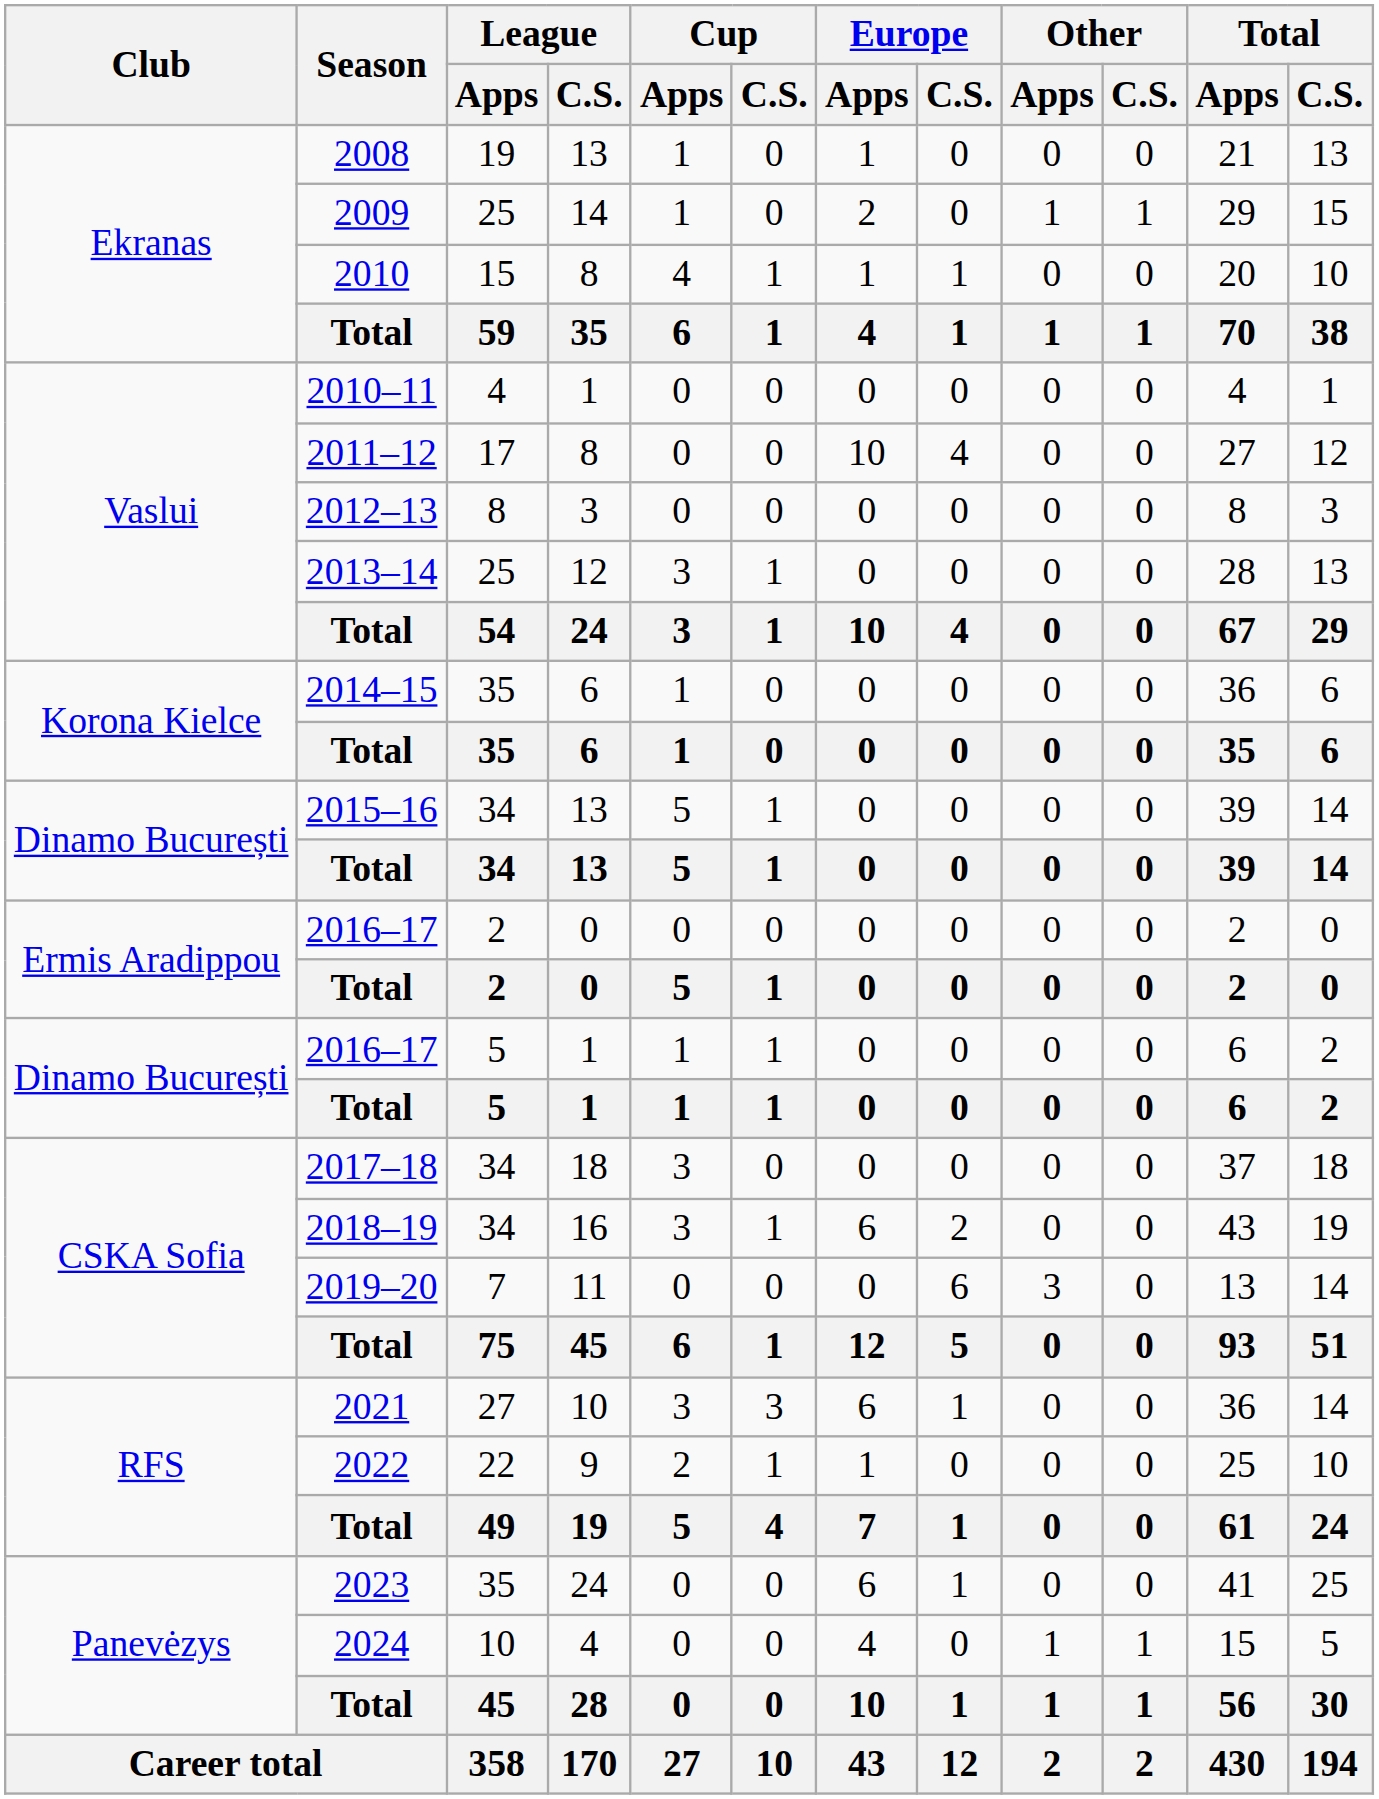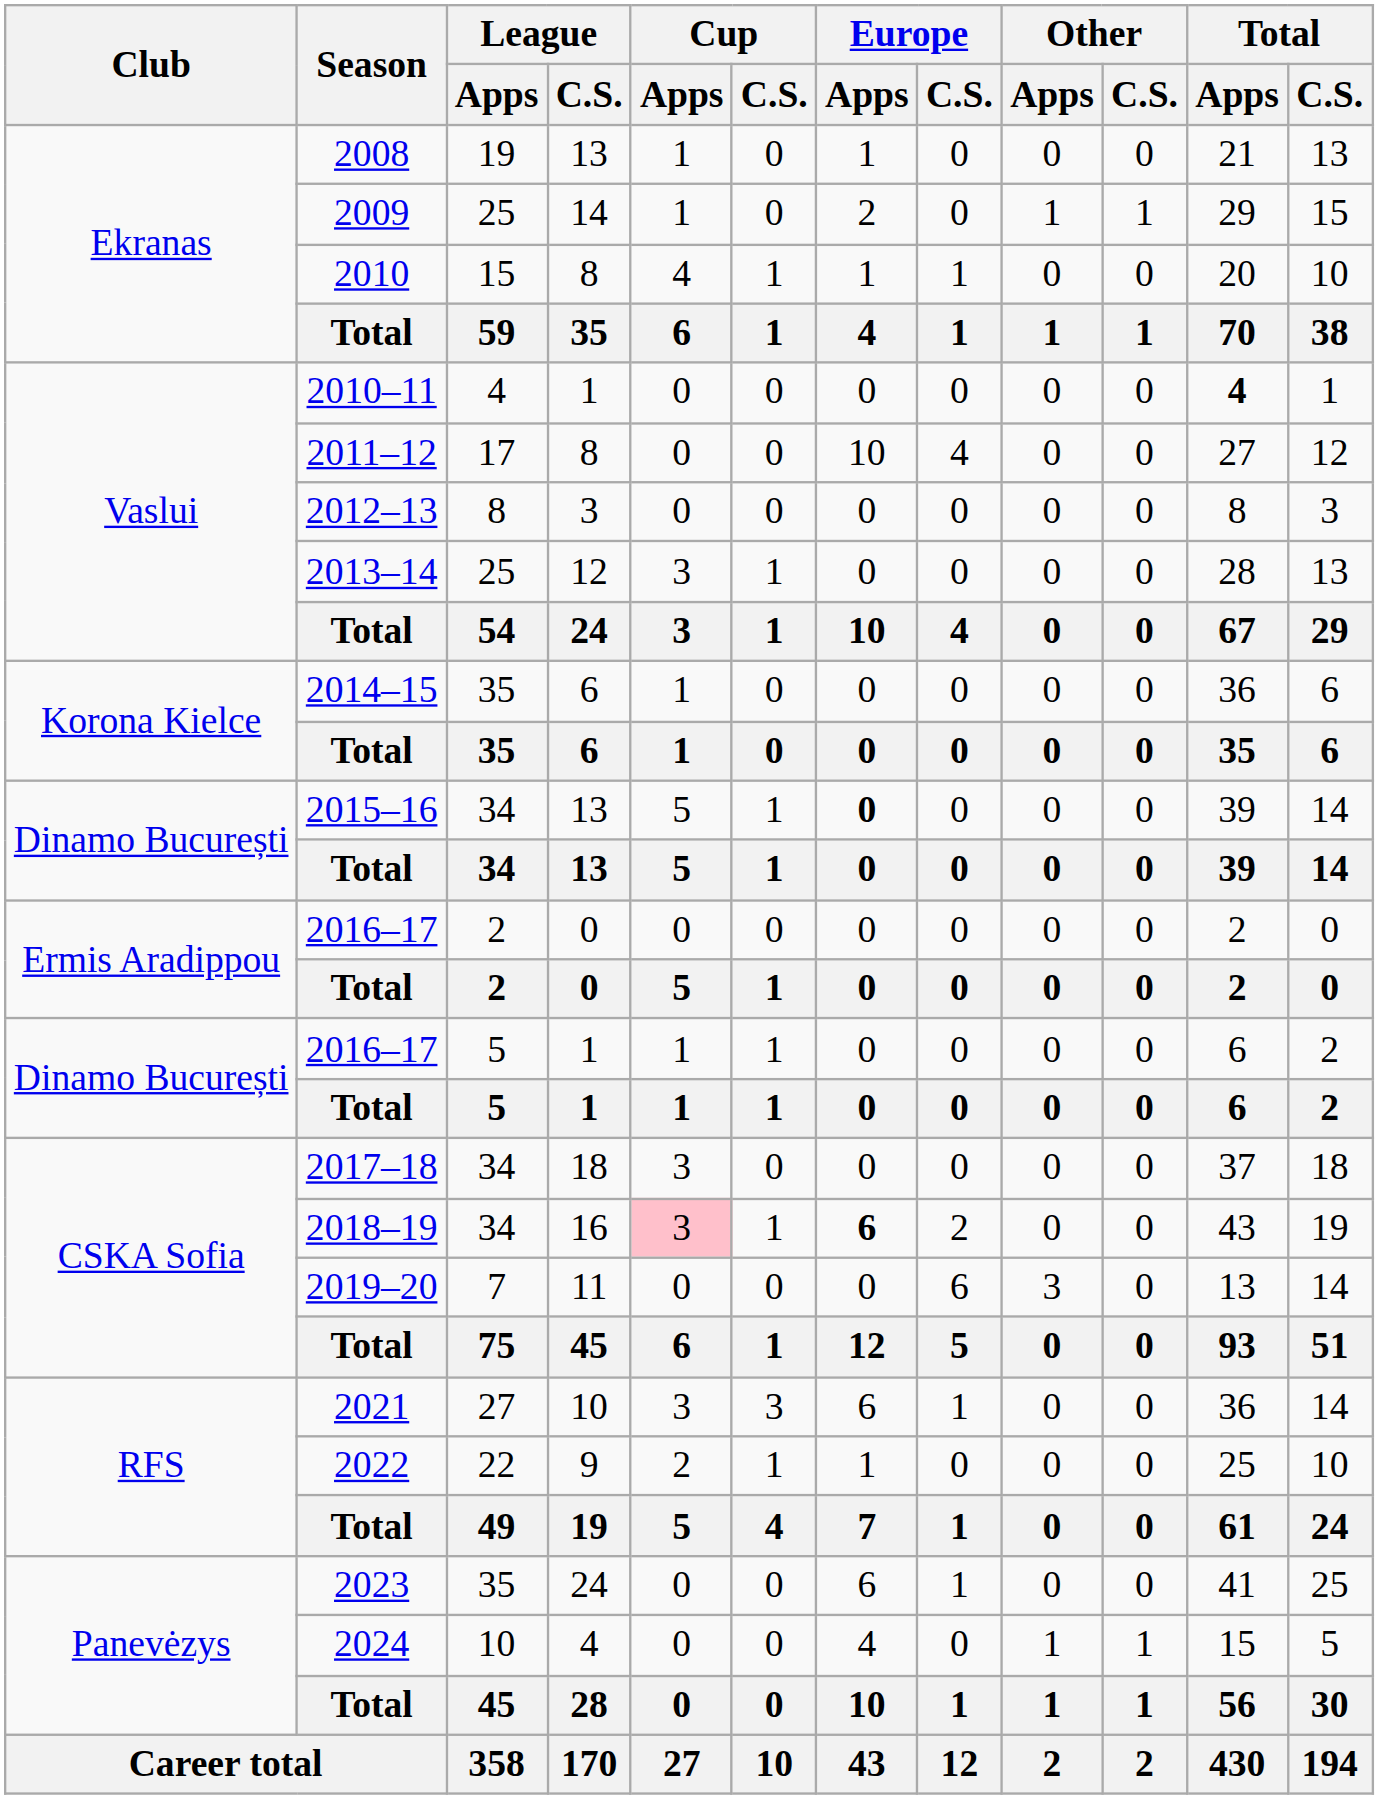 <table class="wikitable" style="text-align: center;">
 <tr>
 <th rowspan="2">Club</th>
 <th rowspan="2">Season</th>
 <th colspan="2">League</th>
 <th colspan="2">Cup</th>
 <th colspan="2"><a href='#'>Europe</a></th>
 <th colspan="2">Other</th>
 <th colspan="2">Total</th>
 </tr>
 <tr>
 <th>Apps</th>
 <th>C.S.</th>
 <th>Apps</th>
 <th>C.S.</th>
 <th>Apps</th>
 <th>C.S.</th>
 <th>Apps</th>
 <th>C.S.</th>
 <th>Apps</th>
 <th>C.S.</th>
 </tr>
 <tr>
 <td rowspan="4"><a href='#'>Ekranas</a></td>
 <td><a href='#'>2008</a></td>
 <td>19</td>
 <td>13</td>
 <td>1</td>
 <td>0</td>
 <td>1</td>
 <td>0</td>
 <td>0</td>
 <td>0</td>
 <td>21</td>
 <td>13</td>
 </tr>
 <tr>
 <td><a href='#'>2009</a></td>
 <td>25</td>
 <td>14</td>
 <td>1</td>
 <td>0</td>
 <td>2</td>
 <td>0</td>
 <td>1</td>
 <td>1</td>
 <td>29</td>
 <td>15</td>
 </tr>
 <tr>
 <td><a href='#'>2010</a></td>
 <td>15</td>
 <td>8</td>
 <td>4</td>
 <td>1</td>
 <td>1</td>
 <td>1</td>
 <td>0</td>
 <td>0</td>
 <td>20</td>
 <td>10</td>
 </tr>
 <tr>
 <th>Total</th>
 <th>59</th>
 <th>35</th>
 <th>6</th>
 <th>1</th>
 <th>4</th>
 <th>1</th>
 <th>1</th>
 <th>1</th>
 <th>70</th>
 <th>38</th>
 </tr>
 <tr>
 <td rowspan="5"><a href='#'>Vaslui</a></td>
 <td><a href='#'>2010–11</a></td>
 <td>4</td>
 <td>1</td>
 <td>0</td>
 <td>0</td>
 <td>0</td>
 <td>0</td>
 <td>0</td>
 <td>0</td>
-<td>4</td>
+<td><strong>4</strong></td>
 <td>1</td>
 </tr>
 <tr>
 <td><a href='#'>2011–12</a></td>
 <td>17</td>
 <td>8</td>
 <td>0</td>
 <td>0</td>
 <td>10</td>
 <td>4</td>
 <td>0</td>
 <td>0</td>
 <td>27</td>
 <td>12</td>
 </tr>
 <tr>
 <td><a href='#'>2012–13</a></td>
 <td>8</td>
 <td>3</td>
 <td>0</td>
 <td>0</td>
 <td>0</td>
 <td>0</td>
 <td>0</td>
 <td>0</td>
 <td>8</td>
 <td>3</td>
 </tr>
 <tr>
 <td><a href='#'>2013–14</a></td>
 <td>25</td>
 <td>12</td>
 <td>3</td>
 <td>1</td>
 <td>0</td>
 <td>0</td>
 <td>0</td>
 <td>0</td>
 <td>28</td>
 <td>13</td>
 </tr>
 <tr>
 <th>Total</th>
 <th>54</th>
 <th>24</th>
 <th>3</th>
 <th>1</th>
 <th>10</th>
 <th>4</th>
 <th>0</th>
 <th>0</th>
 <th>67</th>
 <th>29</th>
 </tr>
 <tr>
 <td rowspan="2"><a href='#'>Korona Kielce</a></td>
 <td><a href='#'>2014–15</a></td>
 <td>35</td>
 <td>6</td>
 <td>1</td>
 <td>0</td>
 <td>0</td>
 <td>0</td>
 <td>0</td>
 <td>0</td>
 <td>36</td>
 <td>6</td>
 </tr>
 <tr>
 <th>Total</th>
 <th>35</th>
 <th>6</th>
 <th>1</th>
 <th>0</th>
 <th>0</th>
 <th>0</th>
 <th>0</th>
 <th>0</th>
 <th>35</th>
 <th>6</th>
 </tr>
 <tr>
 <td rowspan="2"><a href='#'>Dinamo București</a></td>
 <td><a href='#'>2015–16</a></td>
 <td>34</td>
 <td>13</td>
 <td>5</td>
 <td>1</td>
-<td>0</td>
+<td><strong>0</strong></td>
 <td>0</td>
 <td>0</td>
 <td>0</td>
 <td>39</td>
 <td>14</td>
 </tr>
 <tr>
 <th>Total</th>
 <th>34</th>
 <th>13</th>
 <th>5</th>
 <th>1</th>
 <th>0</th>
 <th>0</th>
 <th>0</th>
 <th>0</th>
 <th>39</th>
 <th>14</th>
 </tr>
 <tr>
 <td rowspan="2"><a href='#'>Ermis Aradippou</a></td>
 <td><a href='#'>2016–17</a></td>
 <td>2</td>
 <td>0</td>
 <td>0</td>
 <td>0</td>
 <td>0</td>
 <td>0</td>
 <td>0</td>
 <td>0</td>
 <td>2</td>
 <td>0</td>
 </tr>
 <tr>
 <th>Total</th>
 <th>2</th>
 <th>0</th>
 <th>5</th>
 <th>1</th>
 <th>0</th>
 <th>0</th>
 <th>0</th>
 <th>0</th>
 <th>2</th>
 <th>0</th>
 </tr>
 <tr>
 <td rowspan="2"><a href='#'>Dinamo București</a></td>
 <td><a href='#'>2016–17</a></td>
 <td>5</td>
 <td>1</td>
 <td>1</td>
 <td>1</td>
 <td>0</td>
 <td>0</td>
 <td>0</td>
 <td>0</td>
 <td>6</td>
 <td>2</td>
 </tr>
 <tr>
 <th>Total</th>
 <th>5</th>
 <th>1</th>
 <th>1</th>
 <th>1</th>
 <th>0</th>
 <th>0</th>
 <th>0</th>
 <th>0</th>
 <th>6</th>
 <th>2</th>
 </tr>
 <tr>
 <td rowspan="4"><a href='#'>CSKA Sofia</a></td>
 <td><a href='#'>2017–18</a></td>
 <td>34</td>
 <td>18</td>
 <td>3</td>
 <td>0</td>
 <td>0</td>
 <td>0</td>
 <td>0</td>
 <td>0</td>
 <td>37</td>
 <td>18</td>
 </tr>
 <tr>
 <td><a href='#'>2018–19</a></td>
 <td>34</td>
 <td>16</td>
-<td>3</td>
+<td style="background: pink;">3</td>
 <td>1</td>
-<td>6</td>
+<td><strong>6</strong></td>
 <td>2</td>
 <td>0</td>
 <td>0</td>
 <td>43</td>
 <td>19</td>
 </tr>
 <tr>
 <td><a href='#'>2019–20</a></td>
 <td>7</td>
 <td>11</td>
 <td>0</td>
 <td>0</td>
 <td>0</td>
 <td>6</td>
 <td>3</td>
 <td>0</td>
 <td>13</td>
 <td>14</td>
 </tr>
 <tr>
 <th>Total</th>
 <th>75</th>
 <th>45</th>
 <th>6</th>
 <th>1</th>
 <th>12</th>
 <th>5</th>
 <th>0</th>
 <th>0</th>
 <th>93</th>
 <th>51</th>
 </tr>
 <tr>
 <td rowspan="3"><a href='#'>RFS</a></td>
 <td><a href='#'>2021</a></td>
 <td>27</td>
 <td>10</td>
 <td>3</td>
 <td>3</td>
 <td>6</td>
 <td>1</td>
 <td>0</td>
 <td>0</td>
 <td>36</td>
 <td>14</td>
 </tr>
 <tr>
 <td><a href='#'>2022</a></td>
 <td>22</td>
 <td>9</td>
 <td>2</td>
 <td>1</td>
 <td>1</td>
 <td>0</td>
 <td>0</td>
 <td>0</td>
 <td>25</td>
 <td>10</td>
 </tr>
 <tr>
 <th>Total</th>
 <th>49</th>
 <th>19</th>
 <th>5</th>
 <th>4</th>
 <th>7</th>
 <th>1</th>
 <th>0</th>
 <th>0</th>
 <th>61</th>
 <th>24</th>
 </tr>
 <tr>
 <td rowspan=3><a href='#'>Panevėzys</a></td>
 <td><a href='#'>2023</a></td>
 <td>35</td>
 <td>24</td>
 <td>0</td>
 <td>0</td>
 <td>6</td>
 <td>1</td>
 <td>0</td>
 <td>0</td>
 <td>41</td>
 <td>25</td>
 </tr>
 <tr>
 <td><a href='#'>2024</a></td>
 <td>10</td>
 <td>4</td>
 <td>0</td>
 <td>0</td>
 <td>4</td>
 <td>0</td>
 <td>1</td>
 <td>1</td>
 <td>15</td>
 <td>5</td>
 </tr>
 <tr>
 <th>Total</th>
 <th>45</th>
 <th>28</th>
 <th>0</th>
 <th>0</th>
 <th>10</th>
 <th>1</th>
 <th>1</th>
 <th>1</th>
 <th>56</th>
 <th>30</th>
 </tr>
 <tr>
 <th colspan="2">Career total</th>
 <th>358</th>
 <th>170</th>
 <th>27</th>
 <th>10</th>
 <th>43</th>
 <th>12</th>
 <th>2</th>
 <th>2</th>
 <th>430</th>
 <th>194</th>
 </tr>
 </table>
